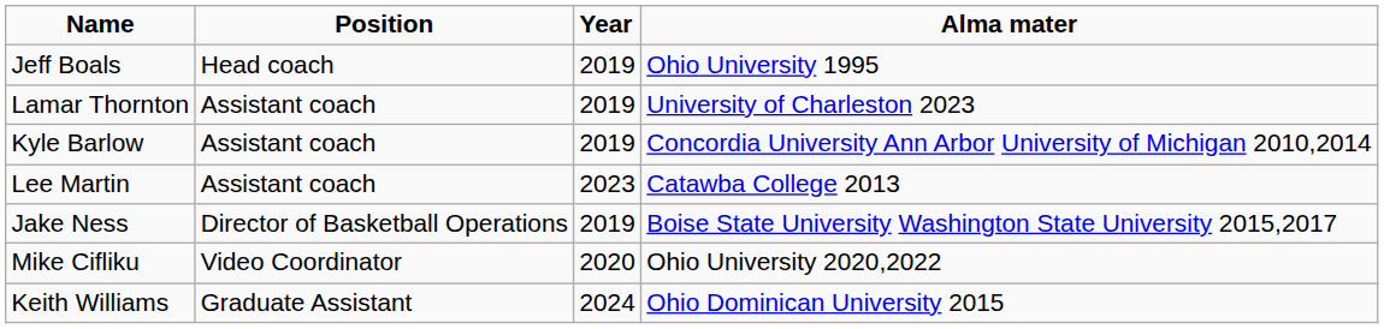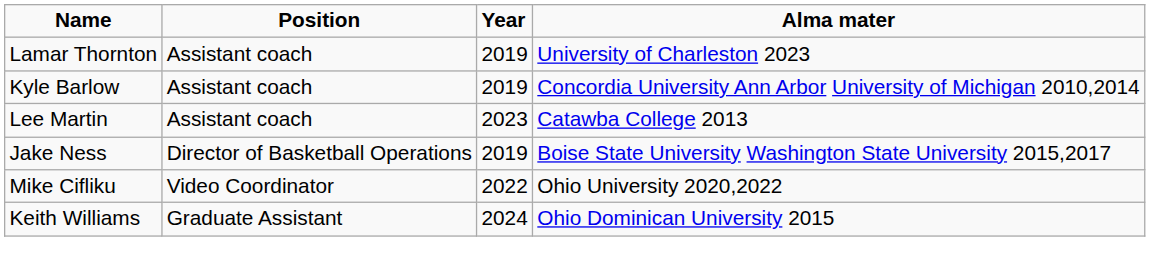 <table class="wikitable">
 <tr>
 <td align=center><span><strong>Name</strong></span></td>
 <td align=center><span><strong>Position</strong></span></td>
 <td><span><strong>Year</strong></span></td>
 <td align=center><span><strong>Alma mater</strong></span></td>
-</tr>
-<tr>
-<td>Jeff Boals</td>
-<td>Head coach</td>
-<td>2019</td>
-<td><a href='#'>Ohio University</a> 1995</td>
 </tr>
 <tr>
 <td>Lamar Thornton</td>
 <td>Assistant coach</td>
 <td>2019</td>
 <td><a href='#'>University of Charleston</a> 2023</td>
 </tr>
 <tr>
 <td>Kyle Barlow</td>
 <td>Assistant coach</td>
 <td>2019</td>
 <td><a href='#'>Concordia University Ann Arbor</a> <a href='#'>University of Michigan</a> 2010,2014</td>
 </tr>
 <tr>
 <td>Lee Martin</td>
 <td>Assistant coach</td>
 <td>2023</td>
 <td><a href='#'>Catawba College</a> 2013</td>
 </tr>
 <tr>
 <td>Jake Ness</td>
 <td>Director of Basketball Operations</td>
 <td>2019</td>
 <td><a href='#'>Boise State University</a> <a href='#'>Washington State University</a> 2015,2017</td>
 </tr>
 <tr>
 <td>Mike Cifliku</td>
 <td>Video Coordinator</td>
-<td>2020</td>
+<td>2022</td>
 <td>Ohio University 2020,2022</td>
 </tr>
 <tr>
 <td>Keith Williams</td>
 <td>Graduate Assistant</td>
 <td>2024</td>
 <td><a href='#'>Ohio Dominican University</a> 2015</td>
 </tr>
 </table>
